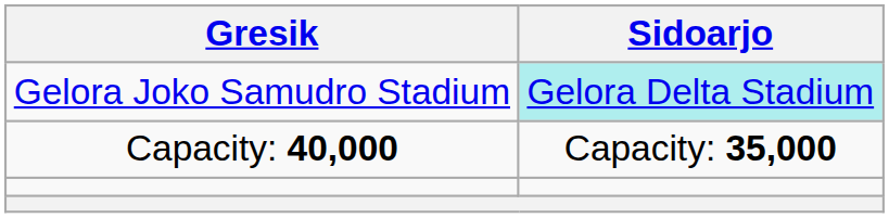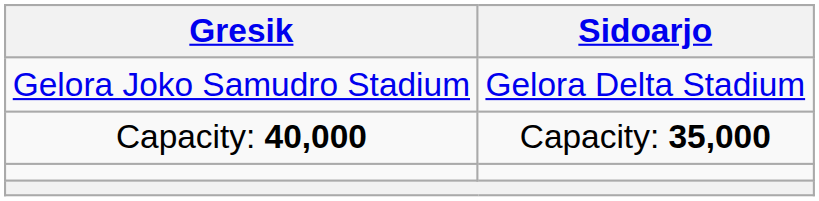 <table class="wikitable" style="text-align:center;">
 <tr>
 <th><a href='#'>Gresik</a></th>
 <th><a href='#'>Sidoarjo</a></th>
 </tr>
 <tr>
 <td><a href='#'>Gelora Joko Samudro Stadium</a></td>
-<td style="background: paleturquoise;"><a href='#'>Gelora Delta Stadium</a></td>
+<td><a href='#'>Gelora Delta Stadium</a></td>
 </tr>
 <tr>
 <td>Capacity: <strong>40,000</strong></td>
 <td>Capacity: <strong>35,000</strong></td>
 </tr>
 <tr>
 <td></td>
 <td></td>
 </tr>
 <tr>
 <th colspan=2></th>
 </tr>
 </table>
